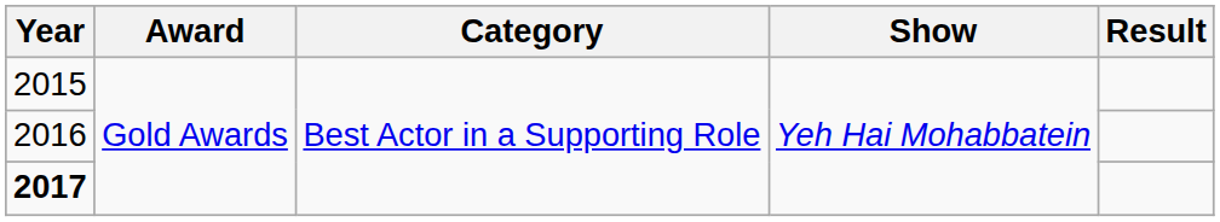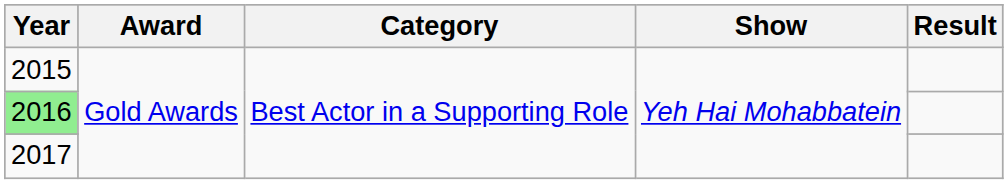 <table class="wikitable sortable">
 <tr>
 <th>Year</th>
 <th>Award</th>
 <th>Category</th>
 <th>Show</th>
 <th>Result</th>
 </tr>
 <tr>
 <td>2015</td>
 <td rowspan="3"><a href='#'>Gold Awards</a></td>
 <td rowspan="3"><a href='#'>Best Actor in a Supporting Role</a></td>
 <td rowspan="3"><em><a href='#'>Yeh Hai Mohabbatein</a></em></td>
 <td></td>
 </tr>
 <tr>
-<td>2016</td>
+<td style="background: lightgreen;">2016</td>
 <td></td>
 </tr>
 <tr>
-<td><strong>2017</strong></td>
+<td>2017</td>
 <td></td>
 </tr>
 </table>
